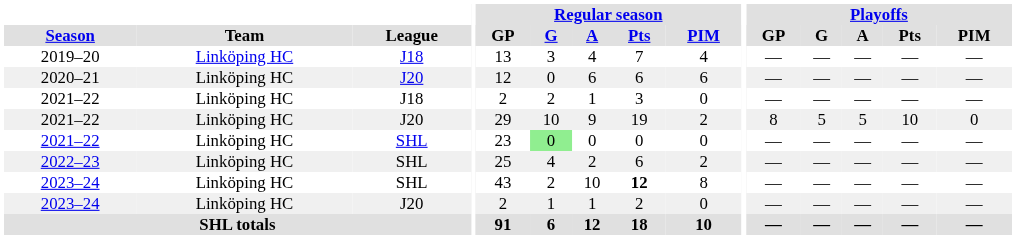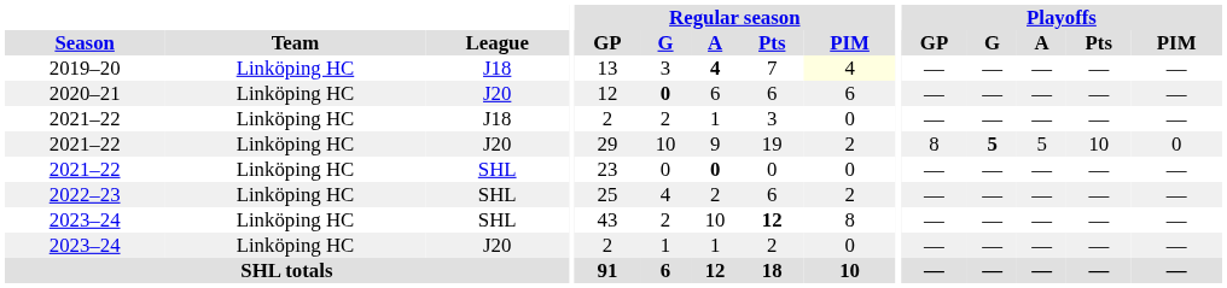 <table border="0" cellpadding="1" cellspacing="0" style="text-align:center; width:60em">
 <tr bgcolor="#e0e0e0">
 <th colspan="3" bgcolor="#ffffff"></th>
 <th rowspan="99" bgcolor="#ffffff"></th>
 <th colspan="5"><a href='#'>Regular season</a></th>
 <th rowspan="99" bgcolor="#ffffff"></th>
 <th colspan="5"><a href='#'>Playoffs</a></th>
 </tr>
 <tr bgcolor="#e0e0e0">
 <th><a href='#'>Season</a></th>
 <th>Team</th>
 <th>League</th>
 <th>GP</th>
 <th><a href='#'>G</a></th>
 <th><a href='#'>A</a></th>
 <th><a href='#'>Pts</a></th>
 <th><a href='#'>PIM</a></th>
 <th>GP</th>
 <th>G</th>
 <th>A</th>
 <th>Pts</th>
 <th>PIM</th>
 </tr>
 <tr>
 <td>2019–20</td>
 <td><a href='#'>Linköping HC</a></td>
 <td><a href='#'>J18</a></td>
 <td>13</td>
 <td>3</td>
-<td>4</td>
+<td><strong>4</strong></td>
 <td>7</td>
-<td>4</td>
+<td style="background: lightyellow;">4</td>
 <td>—</td>
 <td>—</td>
 <td>—</td>
 <td>—</td>
 <td>—</td>
 </tr>
 <tr bgcolor="#f0f0f0">
 <td>2020–21</td>
 <td>Linköping HC</td>
 <td><a href='#'>J20</a></td>
 <td>12</td>
-<td>0</td>
+<td><strong>0</strong></td>
 <td>6</td>
 <td>6</td>
 <td>6</td>
 <td>—</td>
 <td>—</td>
 <td>—</td>
 <td>—</td>
 <td>—</td>
 </tr>
 <tr>
 <td>2021–22</td>
 <td>Linköping HC</td>
 <td>J18</td>
 <td>2</td>
 <td>2</td>
 <td>1</td>
 <td>3</td>
 <td>0</td>
 <td>—</td>
 <td>—</td>
 <td>—</td>
 <td>—</td>
 <td>—</td>
 </tr>
 <tr bgcolor="#f0f0f0">
 <td>2021–22</td>
 <td>Linköping HC</td>
 <td>J20</td>
 <td>29</td>
 <td>10</td>
 <td>9</td>
 <td>19</td>
 <td>2</td>
 <td>8</td>
-<td>5</td>
+<td><strong>5</strong></td>
 <td>5</td>
 <td>10</td>
 <td>0</td>
 </tr>
 <tr>
 <td><a href='#'>2021–22</a></td>
 <td>Linköping HC</td>
 <td><a href='#'>SHL</a></td>
 <td>23</td>
-<td style="background: lightgreen;">0</td>
 <td>0</td>
+<td><strong>0</strong></td>
 <td>0</td>
 <td>0</td>
 <td>—</td>
 <td>—</td>
 <td>—</td>
 <td>—</td>
 <td>—</td>
 </tr>
 <tr bgcolor="#f0f0f0">
 <td><a href='#'>2022–23</a></td>
 <td>Linköping HC</td>
 <td>SHL</td>
 <td>25</td>
 <td>4</td>
 <td>2</td>
 <td>6</td>
 <td>2</td>
 <td>—</td>
 <td>—</td>
 <td>—</td>
 <td>—</td>
 <td>—</td>
 </tr>
 <tr>
 <td><a href='#'>2023–24</a></td>
 <td>Linköping HC</td>
 <td>SHL</td>
 <td>43</td>
 <td>2</td>
 <td>10</td>
 <td><strong>12</strong></td>
 <td>8</td>
 <td>—</td>
 <td>—</td>
 <td>—</td>
 <td>—</td>
 <td>—</td>
 </tr>
 <tr bgcolor="#f0f0f0">
 <td><a href='#'>2023–24</a></td>
 <td>Linköping HC</td>
 <td>J20</td>
 <td>2</td>
 <td>1</td>
 <td>1</td>
 <td>2</td>
 <td>0</td>
 <td>—</td>
 <td>—</td>
 <td>—</td>
 <td>—</td>
 <td>—</td>
 </tr>
 <tr style="background:#e0e0e0;">
 <th colspan="3">SHL totals</th>
 <th>91</th>
 <th>6</th>
 <th>12</th>
 <th>18</th>
 <th>10</th>
 <th>—</th>
 <th>—</th>
 <th>—</th>
 <th>—</th>
 <th>—</th>
 </tr>
 </table>
